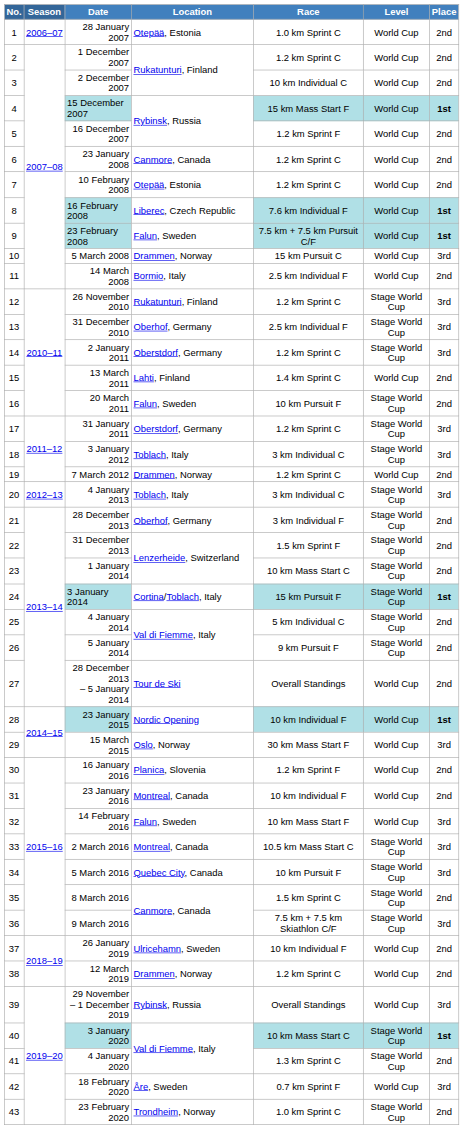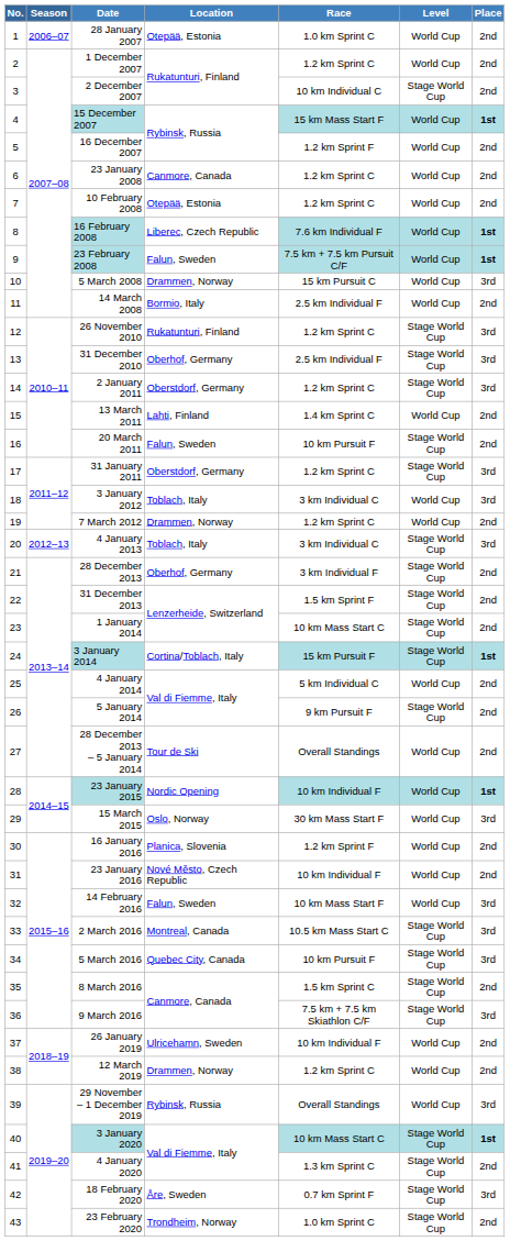 <table class="wikitable sortable" style="font-size:95%; text-align:center; border:grey solid 1px; border-collapse:collapse; background:#ffffff;">
 <tr style="background:#efefef;">
 <th style="background-color:#369; color:white;">No.</th>
 <th style="background-color:#369; color:white;">Season</th>
 <th style="background-color:#4180be; color:white; width:100px;">Date</th>
 <th style="background-color:#4180be; color:white; width:190px;">Location</th>
 <th style="background-color:#4180be; color:white; width:170px;">Race</th>
 <th style="background-color:#4180be; color:white; width:100px;">Level</th>
 <th style="background-color:#4180be; color:white;">Place</th>
 </tr>
 <tr>
 <td align=center>1</td>
 <td rowspan=1 align=center><a href='#'>2006–07</a></td>
 <td align=right>28 January 2007</td>
 <td align=left> <a href='#'>Otepää</a>, Estonia</td>
 <td>1.0 km Sprint C</td>
 <td>World Cup</td>
 <td>2nd</td>
 </tr>
 <tr>
 <td align=center>2</td>
 <td rowspan=10 align=center><a href='#'>2007–08</a></td>
 <td align=right>1 December 2007</td>
 <td rowspan=2 align=left> <a href='#'>Rukatunturi</a>, Finland</td>
 <td>1.2 km Sprint C</td>
 <td>World Cup</td>
 <td>2nd</td>
 </tr>
 <tr>
 <td align=center>3</td>
 <td align=right>2 December 2007</td>
 <td>10 km Individual C</td>
-<td>World Cup</td>
+<td>Stage World Cup</td>
 <td>2nd</td>
 </tr>
 <tr>
 <td align=center>4</td>
 <td align=left bgcolor="#BOEOE6" align=right>15 December 2007</td>
 <td rowspan=2 align=left> <a href='#'>Rybinsk</a>, Russia</td>
 <td bgcolor="#BOEOE6" align=center>15 km Mass Start F</td>
 <td bgcolor="#BOEOE6">World Cup</td>
 <td bgcolor="#BOEOE6"><strong>1st</strong></td>
 </tr>
 <tr>
 <td align=center>5</td>
 <td align=right>16 December 2007</td>
 <td>1.2 km Sprint F</td>
 <td>World Cup</td>
 <td>2nd</td>
 </tr>
 <tr>
 <td align=center>6</td>
 <td align=right>23 January 2008</td>
 <td align=left> <a href='#'>Canmore</a>, Canada</td>
 <td>1.2 km Sprint C</td>
 <td>World Cup</td>
 <td>2nd</td>
 </tr>
 <tr>
 <td align=center>7</td>
 <td align=right>10 February 2008</td>
 <td align=left> <a href='#'>Otepää</a>, Estonia</td>
 <td>1.2 km Sprint C</td>
 <td>World Cup</td>
 <td>2nd</td>
 </tr>
 <tr>
 <td align=center>8</td>
 <td align=left bgcolor="#BOEOE6" align=right>16 February 2008</td>
 <td align=left> <a href='#'>Liberec</a>, Czech Republic</td>
 <td bgcolor="#BOEOE6" align=center>7.6 km Individual F</td>
 <td bgcolor="#BOEOE6">World Cup</td>
 <td bgcolor="#BOEOE6"><strong>1st</strong></td>
 </tr>
 <tr>
 <td align=center>9</td>
 <td align=left bgcolor="#BOEOE6" align=right>23 February 2008</td>
 <td align=left> <a href='#'>Falun</a>, Sweden</td>
 <td bgcolor="#BOEOE6" align=center>7.5 km + 7.5 km Pursuit C/F</td>
 <td bgcolor="#BOEOE6">World Cup</td>
 <td bgcolor="#BOEOE6"><strong>1st</strong></td>
 </tr>
 <tr>
 <td align=center>10</td>
 <td align=right>5 March 2008</td>
 <td align=left> <a href='#'>Drammen</a>, Norway</td>
 <td>15 km Pursuit C</td>
 <td>World Cup</td>
 <td>3rd</td>
 </tr>
 <tr>
 <td align=center>11</td>
 <td align=right>14 March 2008</td>
 <td align=left> <a href='#'>Bormio</a>, Italy</td>
 <td>2.5 km Individual F</td>
 <td>World Cup</td>
 <td>2nd</td>
 </tr>
 <tr>
 <td align=center>12</td>
 <td rowspan=5 align=center><a href='#'>2010–11</a></td>
 <td align=right>26 November 2010</td>
 <td align=left> <a href='#'>Rukatunturi</a>, Finland</td>
 <td>1.2 km Sprint C</td>
 <td>Stage World Cup</td>
 <td>3rd</td>
 </tr>
 <tr>
 <td align=center>13</td>
 <td align=right>31 December 2010</td>
 <td align=left> <a href='#'>Oberhof</a>, Germany</td>
 <td>2.5 km Individual F</td>
 <td>Stage World Cup</td>
 <td>3rd</td>
 </tr>
 <tr>
 <td align=center>14</td>
 <td align=right>2 January 2011</td>
 <td align=left> <a href='#'>Oberstdorf</a>, Germany</td>
 <td>1.2 km Sprint C</td>
 <td>Stage World Cup</td>
 <td>3rd</td>
 </tr>
 <tr>
 <td align=center>15</td>
 <td align=right>13 March 2011</td>
 <td align=left> <a href='#'>Lahti</a>, Finland</td>
 <td>1.4 km Sprint C</td>
 <td>World Cup</td>
 <td>2nd</td>
 </tr>
 <tr>
 <td align=center>16</td>
 <td align=right>20 March 2011</td>
 <td align=left> <a href='#'>Falun</a>, Sweden</td>
 <td>10 km Pursuit F</td>
 <td>Stage World Cup</td>
 <td>2nd</td>
 </tr>
 <tr>
 <td align=center>17</td>
 <td rowspan=3 align=center><a href='#'>2011–12</a></td>
 <td align=right>31 January 2011</td>
 <td align=left> <a href='#'>Oberstdorf</a>, Germany</td>
 <td>1.2 km Sprint C</td>
 <td>Stage World Cup</td>
 <td>3rd</td>
 </tr>
 <tr>
 <td align=center>18</td>
 <td align=right>3 January 2012</td>
 <td align=left> <a href='#'>Toblach</a>, Italy</td>
 <td>3 km Individual C</td>
-<td>Stage World Cup</td>
+<td>World Cup</td>
 <td>3rd</td>
 </tr>
 <tr>
 <td align=center>19</td>
 <td align=right>7 March 2012</td>
 <td align=left> <a href='#'>Drammen</a>, Norway</td>
 <td>1.2 km Sprint C</td>
 <td>World Cup</td>
 <td>2nd</td>
 </tr>
 <tr>
 <td align=center>20</td>
 <td rowspan=1 align=center><a href='#'>2012–13</a></td>
 <td align=right>4 January 2013</td>
 <td align=left> <a href='#'>Toblach</a>, Italy</td>
 <td>3 km Individual C</td>
 <td>Stage World Cup</td>
 <td>3rd</td>
 </tr>
 <tr>
 <td align=center>21</td>
 <td rowspan=7 align=center><a href='#'>2013–14</a></td>
 <td align=right>28 December 2013</td>
 <td align=left> <a href='#'>Oberhof</a>, Germany</td>
 <td>3 km Individual F</td>
 <td>Stage World Cup</td>
 <td>2nd</td>
 </tr>
 <tr>
 <td align=center>22</td>
 <td align=right>31 December 2013</td>
 <td rowspan=2 align=left> <a href='#'>Lenzerheide</a>, Switzerland</td>
 <td>1.5 km Sprint F</td>
 <td>Stage World Cup</td>
 <td>2nd</td>
 </tr>
 <tr>
 <td align=center>23</td>
 <td align=right>1 January 2014</td>
 <td>10 km Mass Start C</td>
 <td>Stage World Cup</td>
 <td>2nd</td>
 </tr>
 <tr>
 <td align=center>24</td>
 <td align=left bgcolor="#BOEOE6" align=right>3 January 2014</td>
 <td align=left> <a href='#'>Cortina</a>/<a href='#'>Toblach</a>, Italy</td>
 <td bgcolor="#BOEOE6" align=center>15 km Pursuit F</td>
 <td bgcolor="#BOEOE6">Stage World Cup</td>
 <td bgcolor="#BOEOE6"><strong>1st</strong></td>
 </tr>
 <tr>
 <td align=center>25</td>
 <td align=right>4 January 2014</td>
 <td rowspan=2 align=left> <a href='#'>Val di Fiemme</a>, Italy</td>
 <td>5 km Individual C</td>
-<td>Stage World Cup</td>
+<td>World Cup</td>
 <td>2nd</td>
 </tr>
 <tr>
 <td align=center>26</td>
 <td align=right>5 January 2014</td>
 <td>9 km Pursuit F</td>
 <td>Stage World Cup</td>
 <td>2nd</td>
 </tr>
 <tr>
 <td align=center>27</td>
 <td align=right>28 December 2013<br> – 5 January 2014</td>
 <td align=left> <a href='#'>Tour de Ski</a></td>
 <td>Overall Standings</td>
 <td>World Cup</td>
 <td>2nd</td>
 </tr>
 <tr>
 <td align=center>28</td>
 <td rowspan=2 align=center><a href='#'>2014–15</a></td>
 <td bgcolor="#BOEOE6" align=right>23 January 2015</td>
 <td align=left> <a href='#'>Nordic Opening</a></td>
 <td bgcolor="#BOEOE6">10 km Individual F</td>
 <td bgcolor="#BOEOE6"> World Cup </td>
 <td bgcolor="#BOEOE6"> <strong>1st</strong> </td>
 </tr>
 <tr>
 <td align=center>29</td>
 <td align=right>15 March 2015</td>
 <td align=left> <a href='#'>Oslo</a>, Norway</td>
 <td>30 km Mass Start F</td>
 <td>World Cup</td>
 <td>3rd</td>
 </tr>
 <tr>
 <td align=center>30</td>
 <td rowspan=7 align=center><a href='#'>2015–16</a></td>
 <td align=right>16 January 2016</td>
 <td align=left> <a href='#'>Planica</a>, Slovenia</td>
 <td>1.2 km Sprint F</td>
 <td>World Cup</td>
 <td>2nd</td>
 </tr>
 <tr>
 <td align=center>31</td>
 <td align=right>23 January 2016</td>
-<td align=left> <a href='#'>Montreal</a>, Canada</td>
+<td align=left> <a href='#'>Nové Město</a>, Czech Republic</td>
 <td>10 km Individual F</td>
 <td>World Cup</td>
 <td>2nd</td>
 </tr>
 <tr>
 <td align=center>32</td>
 <td align=right>14 February 2016</td>
 <td align=left> <a href='#'>Falun</a>, Sweden</td>
 <td>10 km Mass Start F</td>
 <td>World Cup</td>
 <td>3rd</td>
 </tr>
 <tr>
 <td align=center>33</td>
 <td align=right>2 March 2016</td>
 <td align=left> <a href='#'>Montreal</a>, Canada</td>
 <td>10.5 km Mass Start C</td>
 <td>Stage World Cup</td>
 <td>3rd</td>
 </tr>
 <tr>
 <td align=center>34</td>
 <td align=right>5 March 2016</td>
 <td align=left> <a href='#'>Quebec City</a>, Canada</td>
 <td>10 km Pursuit F</td>
 <td>Stage World Cup</td>
 <td>3rd</td>
 </tr>
 <tr>
 <td align=center>35</td>
 <td align=right>8 March 2016</td>
 <td rowspan=2 align=left> <a href='#'>Canmore</a>, Canada</td>
 <td>1.5 km Sprint C</td>
 <td>Stage World Cup</td>
 <td>2nd</td>
 </tr>
 <tr>
 <td align=center>36</td>
 <td align=right>9 March 2016</td>
 <td>7.5 km + 7.5 km Skiathlon C/F</td>
 <td>Stage World Cup</td>
 <td>3rd</td>
 </tr>
 <tr>
 <td align=center>37</td>
 <td rowspan=2 align=center><a href='#'>2018–19</a></td>
 <td align=right>26 January 2019</td>
 <td align=left> <a href='#'>Ulricehamn</a>, Sweden</td>
 <td>10 km Individual F</td>
 <td>World Cup</td>
 <td>2nd</td>
 </tr>
 <tr>
 <td align=center>38</td>
 <td align=right>12 March 2019</td>
 <td align=left> <a href='#'>Drammen</a>, Norway</td>
 <td>1.2 km Sprint C</td>
 <td>World Cup</td>
 <td>2nd</td>
 </tr>
 <tr>
 <td align=center>39</td>
 <td rowspan=5 align=center><a href='#'>2019–20</a></td>
 <td align=right>29 November<br> – 1 December 2019</td>
 <td align=left> <a href='#'>Rybinsk</a>, Russia</td>
 <td>Overall Standings</td>
 <td>World Cup</td>
 <td>3rd</td>
 </tr>
 <tr>
 <td align=center>40</td>
 <td bgcolor="#BOEOE6" align=right>3 January 2020</td>
 <td rowspan=2 align=left> <a href='#'>Val di Fiemme</a>, Italy</td>
 <td bgcolor="#BOEOE6">10 km Mass Start C</td>
 <td bgcolor="#BOEOE6">Stage World Cup</td>
 <td bgcolor="#BOEOE6"><strong>1st</strong></td>
 </tr>
 <tr>
 <td align=center>41</td>
 <td align=right>4 January 2020</td>
 <td>1.3 km Sprint C</td>
 <td>Stage World Cup</td>
 <td>2nd</td>
 </tr>
 <tr>
 <td align=center>42</td>
 <td align=right>18 February 2020</td>
 <td align=left> <a href='#'>Åre</a>, Sweden</td>
 <td>0.7 km Sprint F</td>
-<td>World Cup</td>
+<td>Stage World Cup</td>
 <td>3rd</td>
 </tr>
 <tr>
 <td align=center>43</td>
 <td align=right>23 February 2020</td>
 <td align=left> <a href='#'>Trondheim</a>, Norway</td>
 <td>1.0 km Sprint C</td>
 <td>Stage World Cup</td>
 <td>2nd</td>
 </tr>
 </table>
